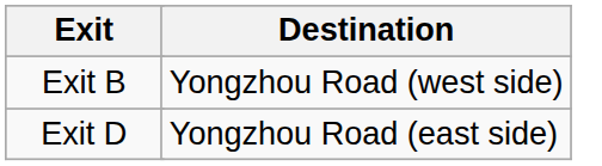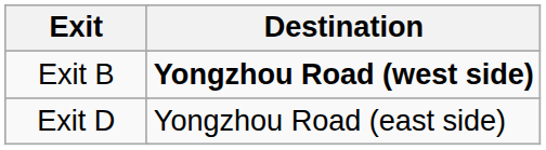 <table class="wikitable">
 <tr>
 <th style="width:70px" colspan="2">Exit</th>
 <th>Destination</th>
 </tr>
 <tr>
 <td align="center" colspan="2">Exit B</td>
-<td>Yongzhou Road (west side)</td>
+<td><strong>Yongzhou Road (west side)</strong></td>
 </tr>
 <tr>
 <td align="center" colspan="2">Exit D</td>
 <td>Yongzhou Road (east side)</td>
 </tr>
 </table>
